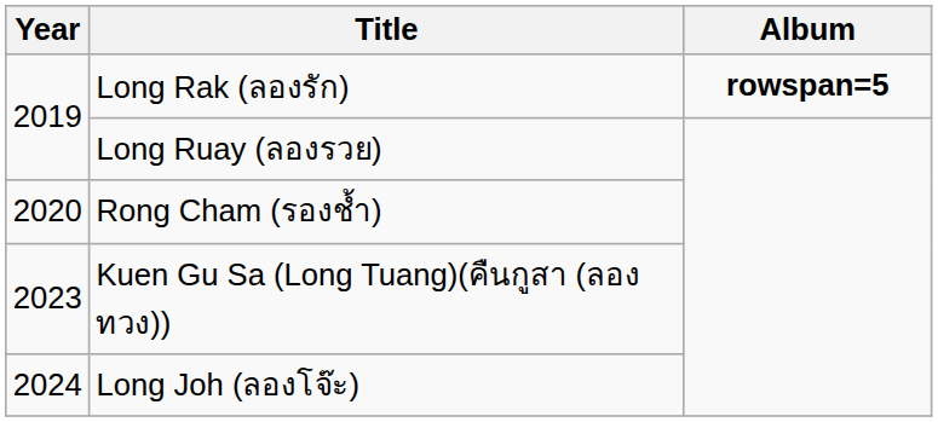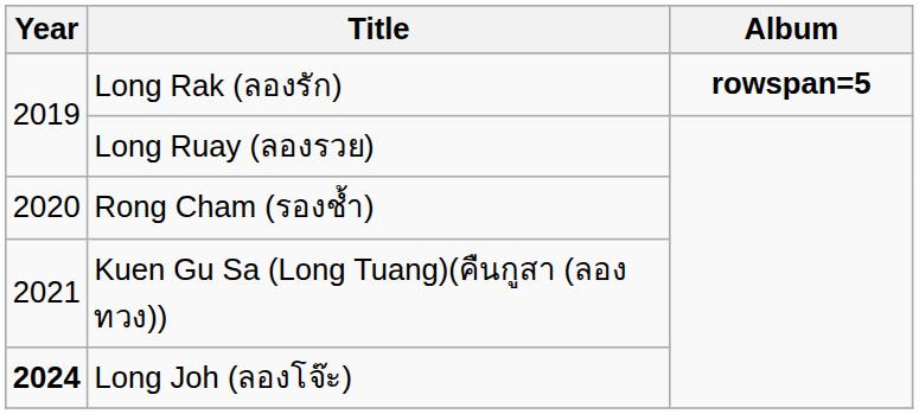 <table class="wikitable" style="text-align:center;">
 <tr>
 <th scope="col">Year</th>
 <th scope="col" width = "300px">Title</th>
 <th scope="col" width = "120px">Album</th>
 </tr>
 <tr>
 <td rowspan=2>2019</td>
 <td align = "left">Long Rak (ลองรัก)</td>
 <td><strong>rowspan=5 </strong></td>
 </tr>
 <tr>
 <td align = "left">Long Ruay (ลองรวย)</td>
 </tr>
 <tr>
 <td>2020</td>
 <td align = "left">Rong Cham (รองช้ำ)</td>
 </tr>
 <tr>
-<td>2023</td>
+<td>2021</td>
 <td align = "left">Kuen Gu Sa (Long Tuang)(คืนกูสา (ลองทวง))</td>
 </tr>
 <tr>
-<td>2024</td>
+<td><strong>2024</strong></td>
 <td align = "left">Long Joh (ลองโจ๊ะ)</td>
 </tr>
 </table>
